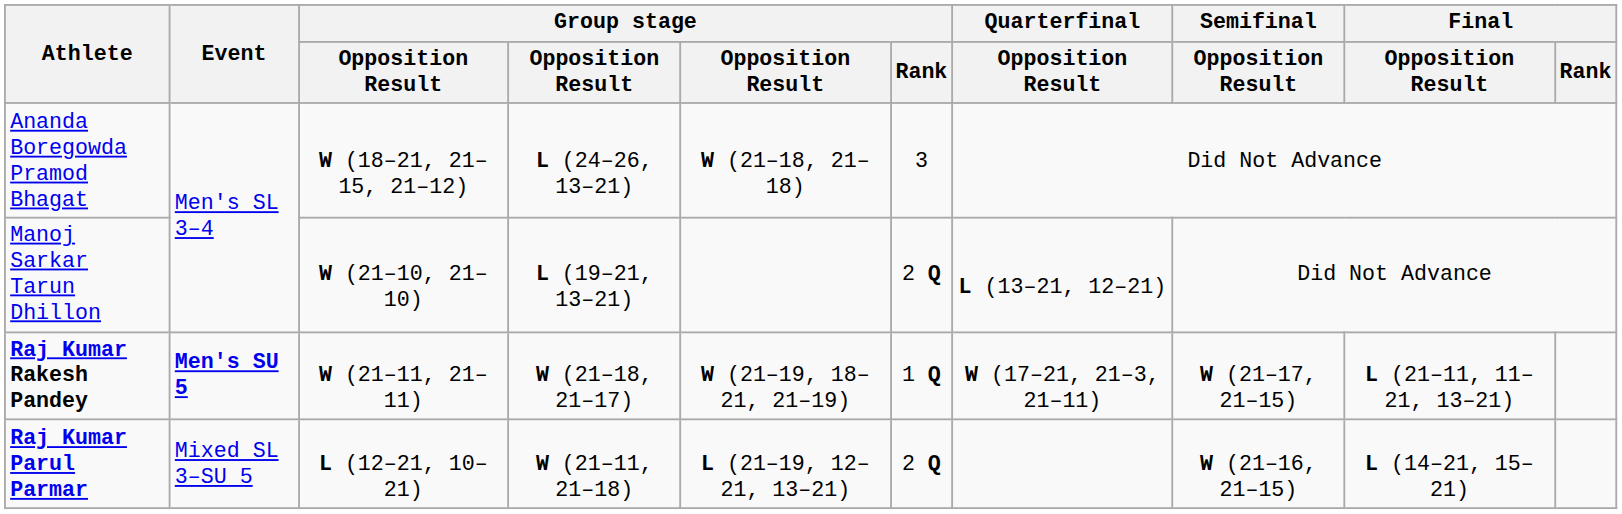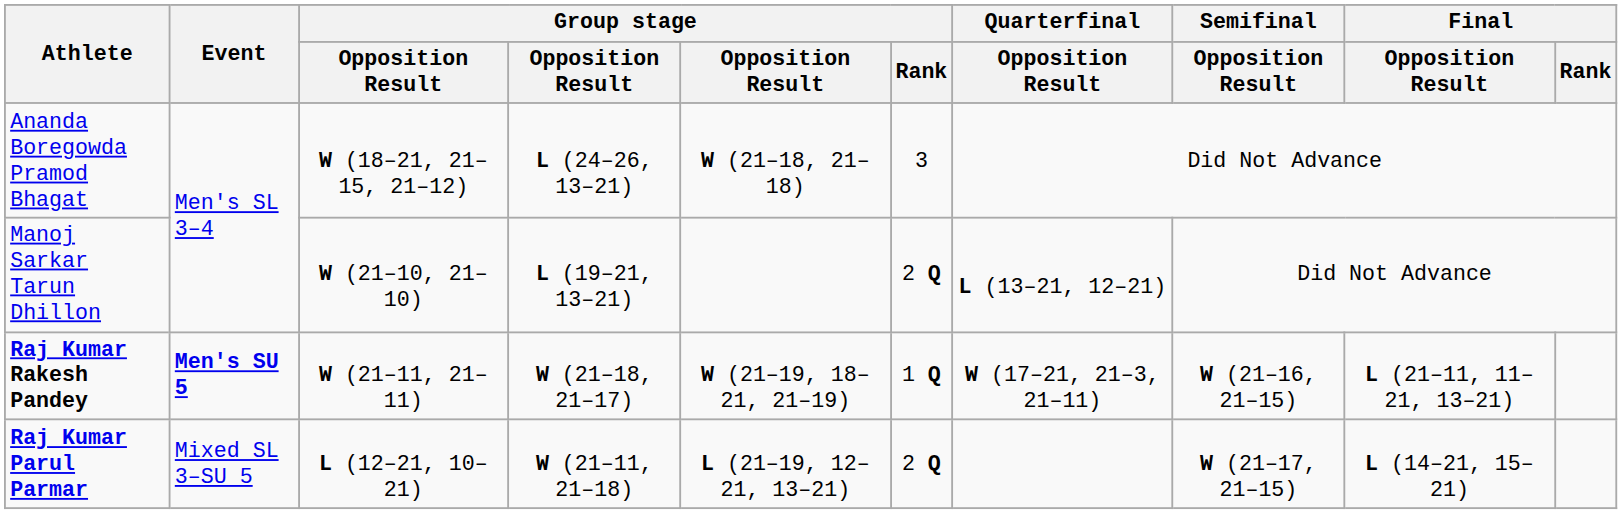 <table class="wikitable" style="text-align:center; font-size:90%">
 <tr>
 <th rowspan=2>Athlete</th>
 <th rowspan=2>Event</th>
 <th colspan=4>Group stage</th>
 <th>Quarterfinal</th>
 <th>Semifinal</th>
 <th colspan=2>Final</th>
 </tr>
 <tr>
 <th>Opposition<br>Result</th>
 <th>Opposition<br>Result</th>
 <th>Opposition<br>Result</th>
 <th>Rank</th>
 <th>Opposition<br>Result</th>
 <th>Opposition<br>Result</th>
 <th>Opposition<br>Result</th>
 <th>Rank</th>
 </tr>
 <tr>
 <td align=left><a href='#'>Ananda Boregowda</a><br><a href='#'>Pramod Bhagat</a></td>
 <td align=left rowspan=2><a href='#'>Men's SL 3–4</a></td>
 <td><br><strong>W</strong> (18–21, 21–15, 21–12)</td>
 <td><br><strong>L</strong> (24–26, 13–21)</td>
 <td><br><strong>W</strong> (21–18, 21–18)</td>
 <td>3</td>
 <td colspan=4>Did Not Advance</td>
 </tr>
 <tr>
 <td align=left><a href='#'>Manoj Sarkar</a><br><a href='#'>Tarun Dhillon</a></td>
 <td><br><strong>W</strong> (21–10, 21–10)</td>
 <td><br><strong>L</strong> (19–21, 13–21)</td>
 <td></td>
 <td>2 <strong>Q</strong></td>
 <td><br><strong>L</strong> (13–21, 12–21)</td>
 <td colspan=4>Did Not Advance</td>
 </tr>
 <tr>
 <td align=left><strong><a href='#'>Raj Kumar</a><br>Rakesh Pandey</strong></td>
 <td align=left><strong><a href='#'>Men's SU 5</a></strong></td>
 <td><br><strong>W</strong> (21–11, 21–11)</td>
 <td><br><strong>W</strong> (21–18, 21–17)</td>
 <td><br><strong>W</strong> (21–19, 18–21, 21–19)</td>
 <td>1 <strong>Q</strong></td>
 <td><br><strong>W</strong> (17–21, 21–3, 21–11)</td>
-<td><br><strong>W</strong> (21–17, 21–15)</td>
+<td><br><strong>W</strong> (21–16, 21–15)</td>
 <td><br><strong>L</strong> (21–11, 11–21, 13–21)</td>
 <td></td>
 </tr>
 <tr>
 <td align=left><strong><a href='#'>Raj Kumar</a><br><a href='#'>Parul Parmar</a></strong></td>
 <td align=left><a href='#'>Mixed SL 3–SU 5</a></td>
 <td><br><strong>L</strong> (12–21, 10–21)</td>
 <td><br><strong>W</strong> (21–11, 21–18)</td>
 <td><br><strong>L</strong> (21–19, 12–21, 13–21)</td>
 <td>2 <strong>Q</strong></td>
 <td></td>
-<td><br><strong>W</strong> (21–16, 21–15)</td>
+<td><br><strong>W</strong> (21–17, 21–15)</td>
 <td><br><strong>L</strong> (14–21, 15–21)</td>
 <td></td>
 </tr>
 </table>
